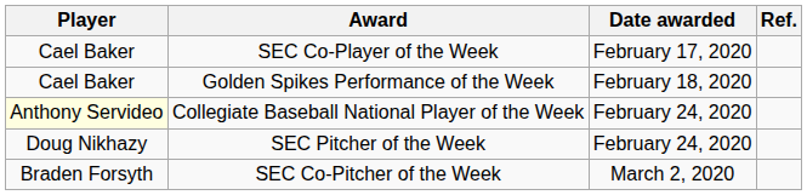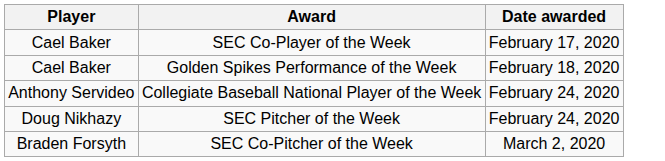 <table class="wikitable sortable sortable" style="text-align: center">
 <tr align=center>
 <th>Player</th>
 <th>Award</th>
 <th>Date awarded</th>
-<th>Ref.</th>
 </tr>
 <tr>
 <td>Cael Baker</td>
 <td rowspan="1">SEC Co-Player of the Week</td>
 <td rowspan="1">February 17, 2020</td>
-<td rowspan="1"></td>
 </tr>
 <tr>
 <td>Cael Baker</td>
 <td rowspan="1">Golden Spikes Performance of the Week</td>
 <td rowspan="1">February 18, 2020</td>
-<td rowspan="1"></td>
 </tr>
 <tr>
-<td style="background: lightyellow;">Anthony Servideo</td>
+<td>Anthony Servideo</td>
 <td rowspan="1">Collegiate Baseball National Player of the Week</td>
 <td rowspan="1">February 24, 2020</td>
-<td rowspan="1"></td>
 </tr>
 <tr>
 <td>Doug Nikhazy</td>
 <td rowspan="1">SEC Pitcher of the Week</td>
 <td rowspan="1">February 24, 2020</td>
-<td rowspan="1"></td>
 </tr>
 <tr>
 <td>Braden Forsyth</td>
 <td rowspan="1">SEC Co-Pitcher of the Week</td>
 <td rowspan="1">March 2, 2020</td>
-<td rowspan="1"></td>
 </tr>
 </table>
